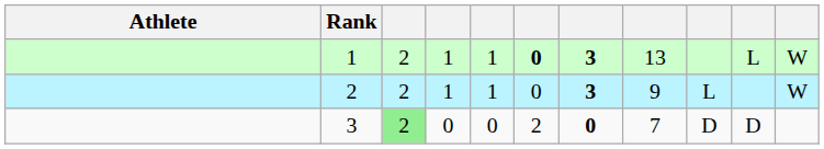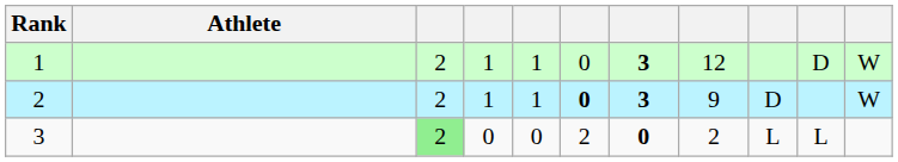 <table class="wikitable" style="text-align: center;">
 <tr>
+<th width=25>Rank</th>
 <th width=225>Athlete</th>
-<th width=25>Rank</th>
 <th width=25></th>
 <th width=25></th>
 <th width=25></th>
 <th width=25></th>
 <th width=40></th>
 <th width=40></th>
 <th width=25></th>
 <th width=25></th>
 <th width=25></th>
 </tr>
 <tr bgcolor=ccffcc>
+<td>1</td>
 <td align=left></td>
+<td>2</td>
 <td>1</td>
+<td>1</td>
+<td>0</td>
+<td><strong>3</strong></td>
+<td>12</td>
+<td></td>
+<td>D</td>
+<td>W</td>
+</tr>
+<tr bgcolor=bbf3ff>
+<td>2</td>
+<td align=left></td>
 <td>2</td>
 <td>1</td>
 <td>1</td>
 <td><strong>0</strong></td>
 <td><strong>3</strong></td>
-<td>13</td>
-<td></td>
-<td>L</td>
-<td>W</td>
-</tr>
-<tr bgcolor=bbf3ff>
-<td align=left></td>
-<td>2</td>
-<td>2</td>
-<td>1</td>
-<td>1</td>
-<td>0</td>
-<td><strong>3</strong></td>
 <td>9</td>
-<td>L</td>
+<td>D</td>
 <td></td>
 <td>W</td>
 </tr>
 <tr>
+<td>3</td>
 <td align=left></td>
-<td>3</td>
 <td style="background: lightgreen;">2</td>
 <td>0</td>
 <td>0</td>
 <td>2</td>
 <td><strong>0</strong></td>
-<td>7</td>
-<td>D</td>
-<td>D</td>
+<td>2</td>
+<td>L</td>
+<td>L</td>
 <td></td>
 </tr>
 </table>
